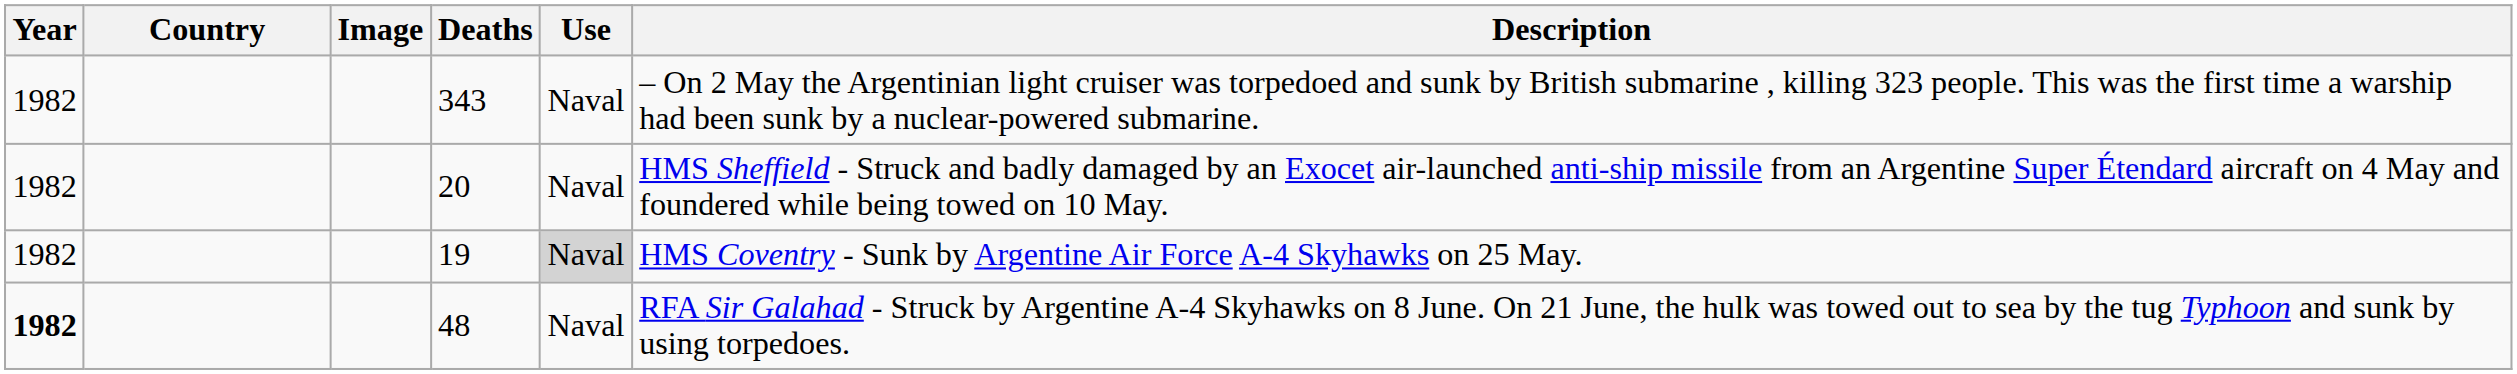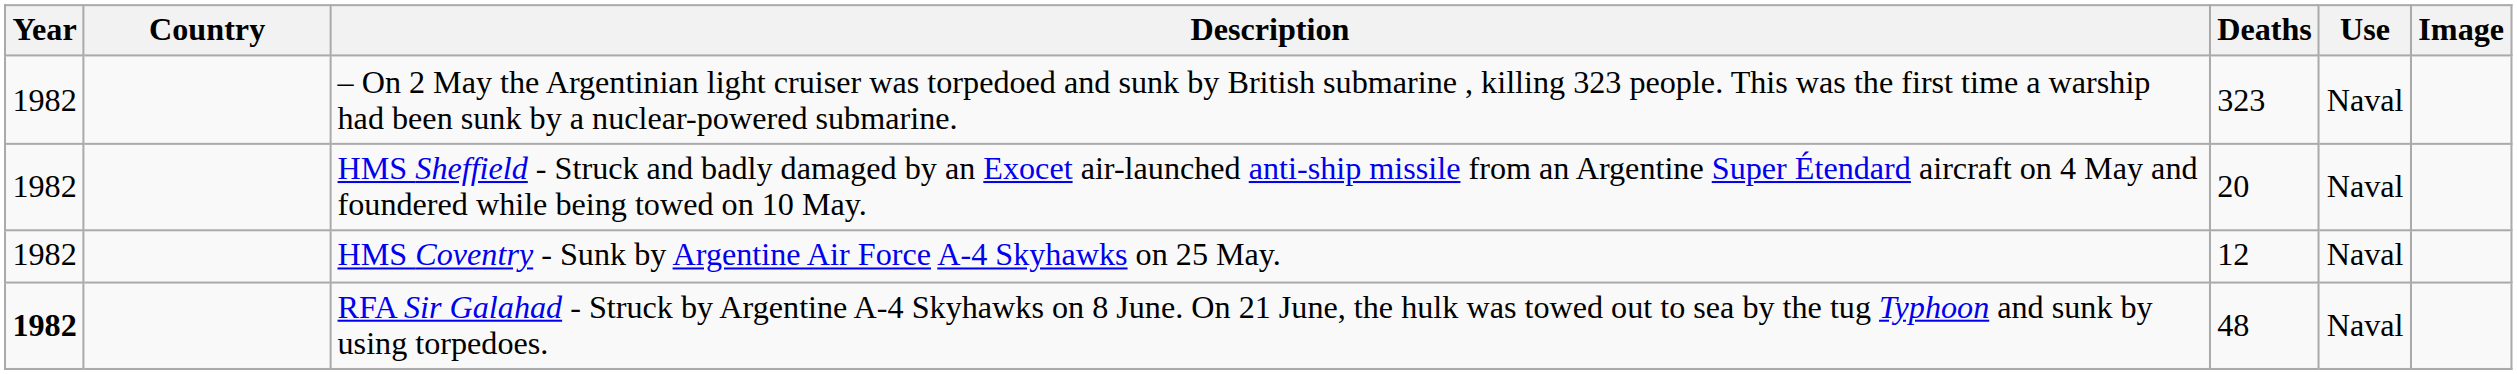 <table class="wikitable sortable" style="display: inline-table">
 <tr>
 <th data-sort-type="number">Year</th>
 <th width="115px">Country</th>
-<th class="unsortable">Image</th>
+<th class="unsortable">Description</th>
 <th data-sort-type="number">Deaths</th>
 <th>Use</th>
-<th class="unsortable">Description</th>
+<th class="unsortable">Image</th>
 </tr>
 <tr>
 <td>1982</td>
 <td></td>
+<td> – On 2 May the Argentinian light cruiser was torpedoed and sunk by British submarine , killing 323 people. This was the first time a warship had been sunk by a nuclear-powered submarine.</td>
+<td>323</td>
+<td>Naval</td>
 <td></td>
-<td>343</td>
-<td>Naval</td>
-<td> – On 2 May the Argentinian light cruiser was torpedoed and sunk by British submarine , killing 323 people. This was the first time a warship had been sunk by a nuclear-powered submarine.</td>
 </tr>
 <tr>
 <td>1982</td>
 <td></td>
-<td></td>
+<td><a href='#'>HMS <em>Sheffield</em></a> - Struck and badly damaged by an <a href='#'>Exocet</a> air-launched <a href='#'>anti-ship missile</a> from an Argentine <a href='#'>Super Étendard</a> aircraft on 4 May and foundered while being towed on 10 May.</td>
 <td>20</td>
 <td>Naval</td>
-<td><a href='#'>HMS <em>Sheffield</em></a> - Struck and badly damaged by an <a href='#'>Exocet</a> air-launched <a href='#'>anti-ship missile</a> from an Argentine <a href='#'>Super Étendard</a> aircraft on 4 May and foundered while being towed on 10 May.</td>
+<td></td>
 </tr>
 <tr>
 <td>1982</td>
 <td></td>
+<td><a href='#'>HMS <em>Coventry</em></a> - Sunk by <a href='#'>Argentine Air Force</a> <a href='#'>A-4 Skyhawks</a> on 25 May.</td>
+<td>12</td>
+<td>Naval</td>
 <td></td>
-<td>19</td>
-<td style="background: lightgrey;">Naval</td>
-<td><a href='#'>HMS <em>Coventry</em></a> - Sunk by <a href='#'>Argentine Air Force</a> <a href='#'>A-4 Skyhawks</a> on 25 May.</td>
 </tr>
 <tr>
 <td><strong>1982</strong></td>
 <td></td>
-<td></td>
+<td><a href='#'>RFA <em>Sir Galahad</em></a> - Struck by Argentine A-4 Skyhawks on 8 June. On 21 June, the hulk was towed out to sea by the tug <a href='#'><em>Typhoon</em></a> and sunk by  using torpedoes.</td>
 <td>48</td>
 <td>Naval</td>
-<td><a href='#'>RFA <em>Sir Galahad</em></a> - Struck by Argentine A-4 Skyhawks on 8 June. On 21 June, the hulk was towed out to sea by the tug <a href='#'><em>Typhoon</em></a> and sunk by  using torpedoes.</td>
+<td></td>
 </tr>
 </table>
